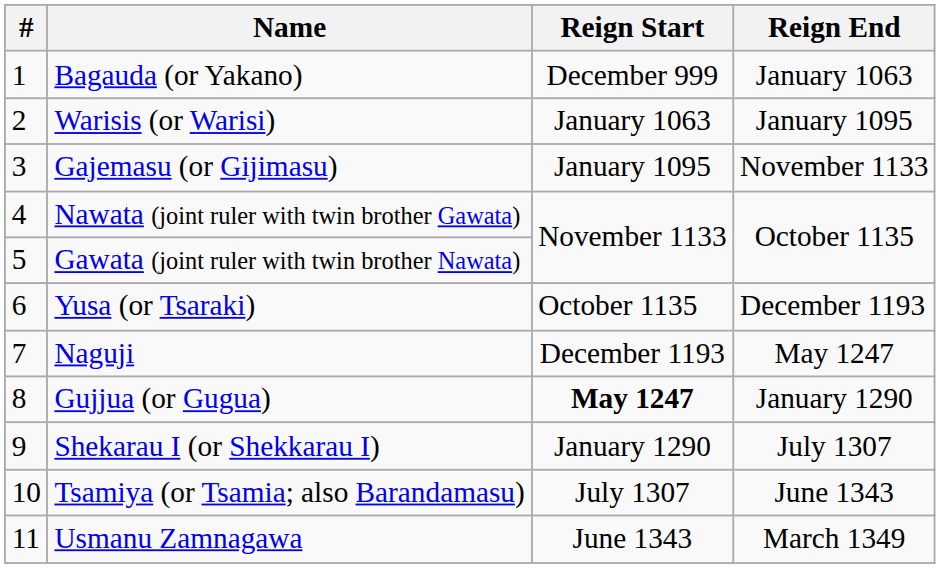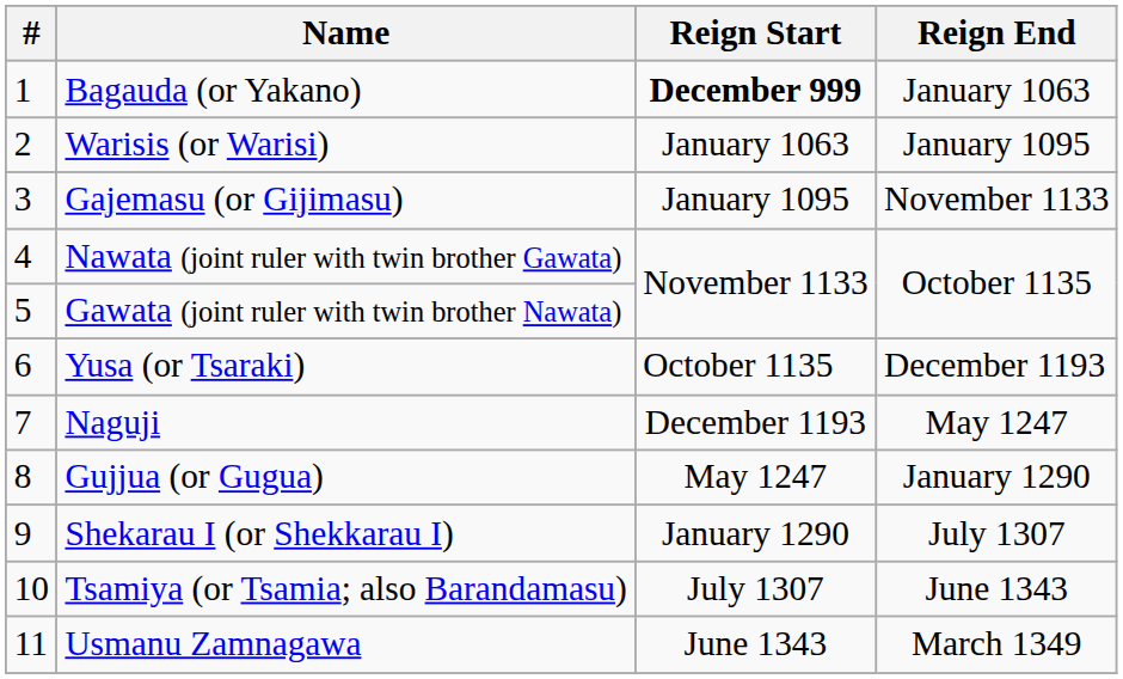 <table class="wikitable">
 <tr>
 <th>#</th>
 <th>Name</th>
 <th>Reign Start</th>
 <th>Reign End</th>
 </tr>
 <tr>
 <td>1</td>
 <td><a href='#'>Bagauda</a> (or Yakano)</td>
-<td align="center">December 999</td>
+<td align="center"><strong>December 999</strong></td>
 <td align="center">January 1063</td>
 </tr>
 <tr>
 <td>2</td>
 <td><a href='#'>Warisis</a> (or <a href='#'>Warisi</a>)</td>
 <td align="center">January 1063</td>
 <td align="center">January 1095</td>
 </tr>
 <tr>
 <td>3</td>
 <td><a href='#'>Gajemasu</a> (or <a href='#'>Gijimasu</a>)</td>
 <td align="center">January 1095</td>
 <td align="center">November 1133</td>
 </tr>
 <tr>
 <td>4</td>
 <td><a href='#'>Nawata</a> <small>(joint ruler with twin brother <a href='#'>Gawata</a>)</small></td>
 <td rowspan="2" align="center">November 1133</td>
 <td rowspan="2" align="center">October 1135</td>
 </tr>
 <tr>
 <td>5</td>
 <td><a href='#'>Gawata</a> <small>(joint ruler with twin brother <a href='#'>Nawata</a>)</small></td>
 </tr>
 <tr>
 <td>6</td>
 <td><a href='#'>Yusa</a> (or <a href='#'>Tsaraki</a>)</td>
 <td>October 1135</td>
 <td>December 1193</td>
 </tr>
 <tr>
 <td>7</td>
 <td><a href='#'>Naguji</a></td>
 <td align="center">December 1193</td>
 <td align="center">May 1247</td>
 </tr>
 <tr>
 <td>8</td>
 <td><a href='#'>Gujjua</a> (or <a href='#'>Gugua</a>)</td>
-<td align="center"><strong>May 1247</strong></td>
+<td align="center">May 1247</td>
 <td align="center">January 1290</td>
 </tr>
 <tr>
 <td>9</td>
 <td><a href='#'>Shekarau I</a> (or <a href='#'>Shekkarau I</a>)</td>
 <td align="center">January 1290</td>
 <td align="center">July 1307</td>
 </tr>
 <tr>
 <td>10</td>
 <td><a href='#'>Tsamiya</a> (or <a href='#'>Tsamia</a>; also <a href='#'>Barandamasu</a>)</td>
 <td align="center">July 1307</td>
 <td align="center">June 1343</td>
 </tr>
 <tr>
 <td>11</td>
 <td><a href='#'>Usmanu Zamnagawa</a></td>
 <td align="center">June 1343</td>
 <td align="center">March 1349</td>
 </tr>
 </table>
